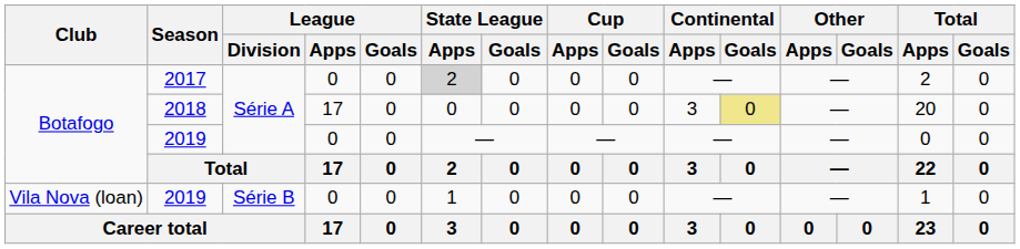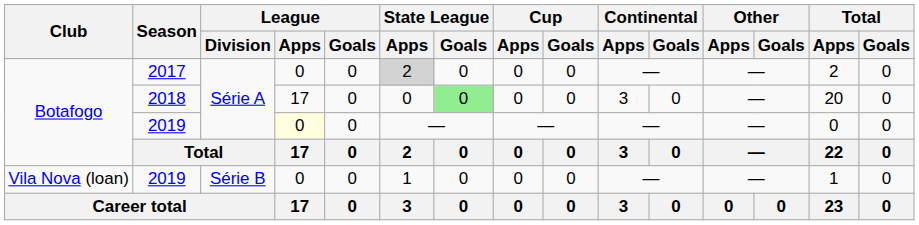 <table class="wikitable" style="text-align: center">
 <tr>
 <th rowspan="2">Club</th>
 <th rowspan="2">Season</th>
 <th colspan="3">League</th>
 <th colspan="2">State League</th>
 <th colspan="2">Cup</th>
 <th colspan="2">Continental</th>
 <th colspan="2">Other</th>
 <th colspan="2">Total</th>
 </tr>
 <tr>
 <th>Division</th>
 <th>Apps</th>
 <th>Goals</th>
 <th>Apps</th>
 <th>Goals</th>
 <th>Apps</th>
 <th>Goals</th>
 <th>Apps</th>
 <th>Goals</th>
 <th>Apps</th>
 <th>Goals</th>
 <th>Apps</th>
 <th>Goals</th>
 </tr>
 <tr>
 <td rowspan="4"><a href='#'>Botafogo</a></td>
 <td><a href='#'>2017</a></td>
 <td rowspan="3"><a href='#'>Série A</a></td>
 <td>0</td>
 <td>0</td>
 <td style="background: lightgrey;">2</td>
 <td>0</td>
 <td>0</td>
 <td>0</td>
 <td colspan="2">—</td>
 <td colspan="2">—</td>
 <td>2</td>
 <td>0</td>
 </tr>
 <tr>
 <td><a href='#'>2018</a></td>
 <td>17</td>
 <td>0</td>
 <td>0</td>
-<td>0</td>
+<td style="background: lightgreen;">0</td>
 <td>0</td>
 <td>0</td>
 <td>3</td>
-<td style="background: khaki;">0</td>
+<td>0</td>
 <td colspan="2">—</td>
 <td>20</td>
 <td>0</td>
 </tr>
 <tr>
 <td><a href='#'>2019</a></td>
-<td>0</td>
+<td style="background: lightyellow;">0</td>
 <td>0</td>
 <td colspan="2">—</td>
 <td colspan="2">—</td>
 <td colspan="2">—</td>
 <td colspan="2">—</td>
 <td>0</td>
 <td>0</td>
 </tr>
 <tr>
 <th colspan="2">Total</th>
 <th>17</th>
 <th>0</th>
 <th>2</th>
 <th>0</th>
 <th>0</th>
 <th>0</th>
 <th>3</th>
 <th>0</th>
 <th colspan="2">—</th>
 <th>22</th>
 <th>0</th>
 </tr>
 <tr>
 <td><a href='#'>Vila Nova</a> (loan)</td>
 <td><a href='#'>2019</a></td>
 <td><a href='#'>Série B</a></td>
 <td>0</td>
 <td>0</td>
 <td>1</td>
 <td>0</td>
 <td>0</td>
 <td>0</td>
 <td colspan="2">—</td>
 <td colspan="2">—</td>
 <td>1</td>
 <td>0</td>
 </tr>
 <tr>
 <th colspan="3"><strong>Career total</strong></th>
 <th>17</th>
 <th>0</th>
 <th>3</th>
 <th>0</th>
 <th>0</th>
 <th>0</th>
 <th>3</th>
 <th>0</th>
 <th>0</th>
 <th>0</th>
 <th>23</th>
 <th>0</th>
 </tr>
 </table>
